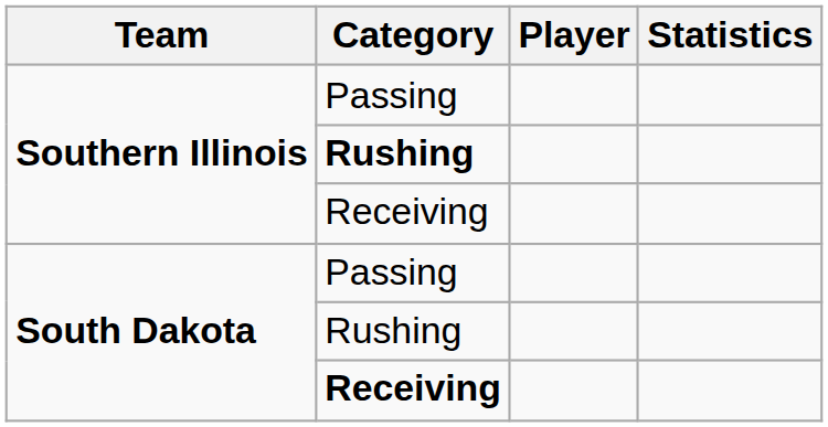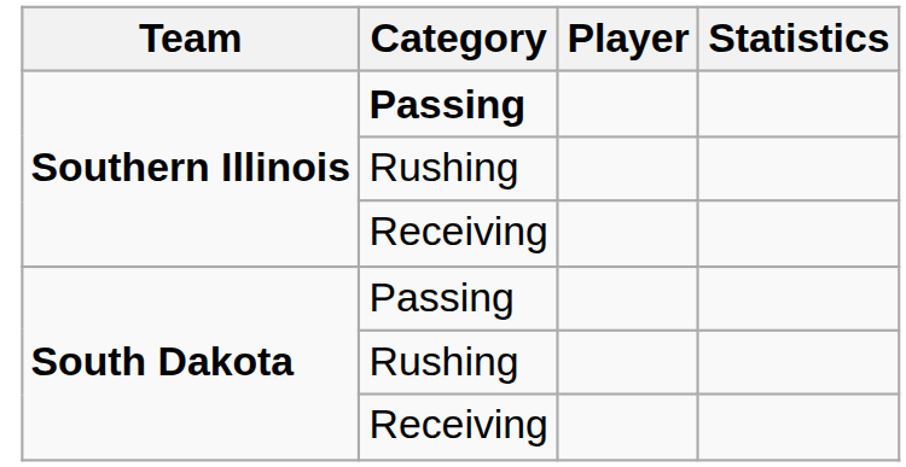 <table class="wikitable" style="float: right;">
 <tr>
 <th>Team</th>
 <th>Category</th>
 <th>Player</th>
 <th>Statistics</th>
 </tr>
 <tr>
 <td rowspan=3><strong>Southern Illinois</strong></td>
-<td>Passing</td>
+<td><strong>Passing</strong></td>
 <td></td>
 <td></td>
 </tr>
 <tr>
-<td><strong>Rushing</strong></td>
+<td>Rushing</td>
 <td></td>
 <td></td>
 </tr>
 <tr>
 <td>Receiving</td>
 <td></td>
 <td></td>
 </tr>
 <tr>
 <td rowspan=3><strong>South Dakota</strong></td>
 <td>Passing</td>
 <td></td>
 <td></td>
 </tr>
 <tr>
 <td>Rushing</td>
 <td></td>
 <td></td>
 </tr>
 <tr>
-<td><strong>Receiving</strong></td>
+<td>Receiving</td>
 <td></td>
 <td></td>
 </tr>
 </table>
